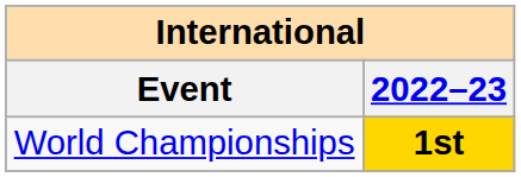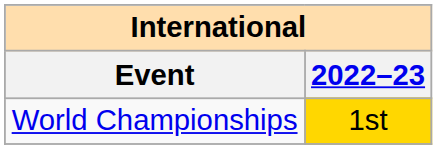 <table class="wikitable" style="text-align:center">
 <tr>
 <th colspan=2 style="background-color: #ffdead; " align=center>International</th>
 </tr>
 <tr>
 <th>Event</th>
 <th><a href='#'>2022–23</a></th>
 </tr>
 <tr>
 <td align=left><a href='#'>World Championships</a></td>
-<td bgcolor=gold><strong>1st</strong></td>
+<td bgcolor=gold>1st</td>
 </tr>
 </table>
